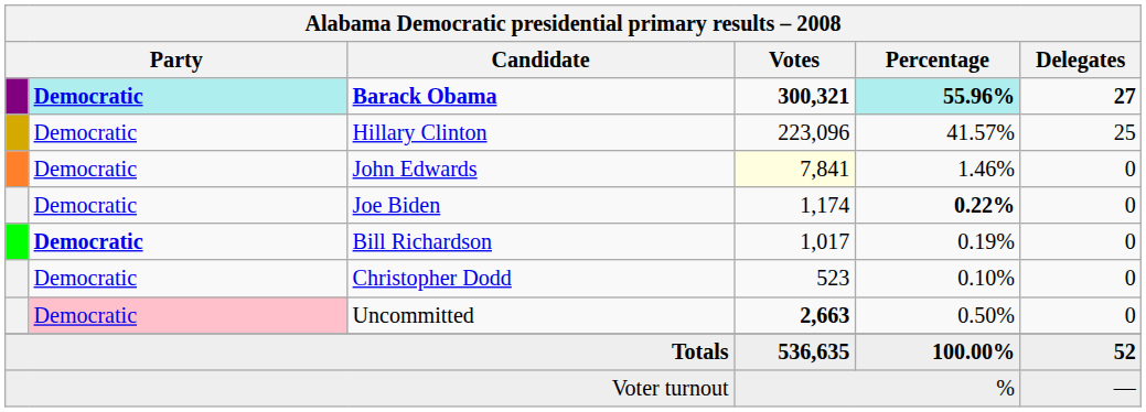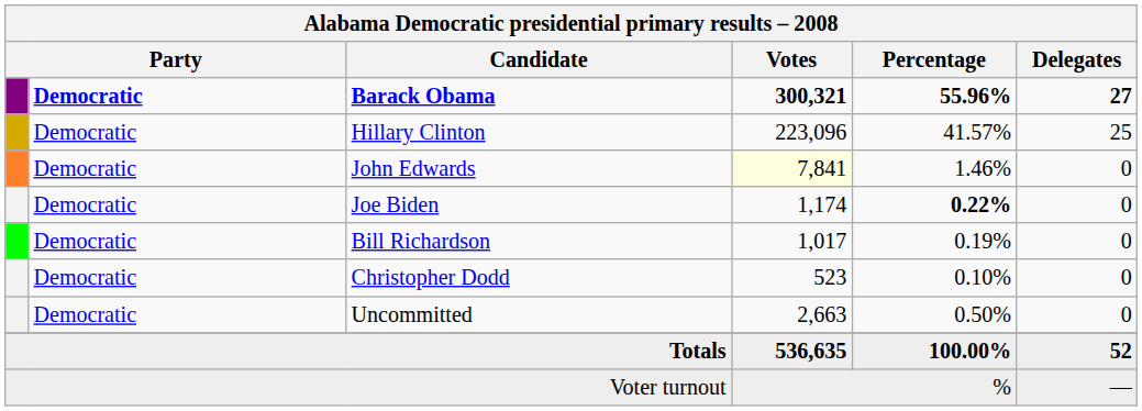 <table class="wikitable" style="font-size:95%;">
 <tr>
 <th colspan="7">Alabama Democratic presidential primary results – 2008</th>
 </tr>
 <tr>
 <th colspan="2" style="width: 15em">Party</th>
 <th style="width: 17em">Candidate</th>
 <th style="width: 5em">Votes</th>
 <th style="width: 7em">Percentage</th>
 <th style="width: 5em">Delegates</th>
 </tr>
 <tr>
 <th style="background-color:#800080; width: 3px"></th>
-<td style="background: paleturquoise; width: 130px"><strong><a href='#'>Democratic</a></strong></td>
+<td style="width: 130px"><strong><a href='#'>Democratic</a></strong></td>
 <td><strong><a href='#'>Barack Obama</a></strong></td>
 <td align="right"><strong>300,321</strong></td>
-<td align="right" style="background: paleturquoise;"><strong>55.96%</strong></td>
+<td align="right"><strong>55.96%</strong></td>
 <td align="right"><strong>27</strong></td>
 </tr>
 <tr>
 <th style="background-color:#D4AA00; width: 3px"></th>
 <td style="width: 130px"><a href='#'>Democratic</a></td>
 <td><a href='#'>Hillary Clinton</a></td>
 <td align="right">223,096</td>
 <td align="right">41.57%</td>
 <td align="right">25</td>
 </tr>
 <tr>
 <th style="background-color:#ff7f2a; width: 3px"></th>
 <td style="width: 130px"><a href='#'>Democratic</a></td>
 <td><a href='#'>John Edwards</a></td>
 <td align="right" style="background: lightyellow;">7,841</td>
 <td align="right">1.46%</td>
 <td align="right">0</td>
 </tr>
 <tr>
 <th></th>
 <td style="width: 130px"><a href='#'>Democratic</a></td>
 <td><a href='#'>Joe Biden</a></td>
 <td align="right">1,174</td>
 <td align="right"><strong>0.22%</strong></td>
 <td align="right">0</td>
 </tr>
 <tr>
 <th style="background-color:#00FF00; width: 3px"></th>
-<td style="width: 130px"><strong><a href='#'>Democratic</a></strong></td>
+<td style="width: 130px"><a href='#'>Democratic</a></td>
 <td><a href='#'>Bill Richardson</a></td>
 <td align="right">1,017</td>
 <td align="right">0.19%</td>
 <td align="right">0</td>
 </tr>
 <tr>
 <th></th>
 <td style="width: 130px"><a href='#'>Democratic</a></td>
 <td><a href='#'>Christopher Dodd</a></td>
 <td align="right">523</td>
 <td align="right">0.10%</td>
 <td align="right">0</td>
 </tr>
 <tr>
 <th></th>
-<td style="background: pink; width: 130px"><a href='#'>Democratic</a></td>
+<td style="width: 130px"><a href='#'>Democratic</a></td>
 <td>Uncommitted</td>
-<td align="right"><strong>2,663</strong></td>
+<td align="right">2,663</td>
 <td align="right">0.50%</td>
 <td align="right">0</td>
 </tr>
 <tr>
 </tr>
 <tr bgcolor="#EEEEEE">
 <td colspan="3" align="right"><strong>Totals</strong></td>
 <td align="right"><strong>536,635</strong></td>
 <td align="right"><strong>100.00%</strong></td>
 <td align="right"><strong>52</strong></td>
 </tr>
 <tr bgcolor="#EEEEEE">
 <td colspan="3" align="right">Voter turnout</td>
 <td colspan="2" align="right">%</td>
 <td align="right">—</td>
 </tr>
 </table>
